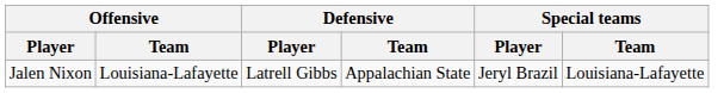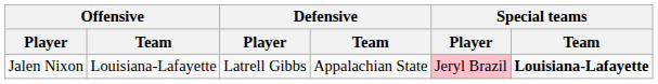 <table class="wikitable">
 <tr>
 <th colspan="2">Offensive</th>
 <th colspan="2">Defensive</th>
 <th colspan="2">Special teams</th>
 </tr>
 <tr>
 <th>Player</th>
 <th>Team</th>
 <th>Player</th>
 <th>Team</th>
 <th>Player</th>
 <th>Team</th>
 </tr>
 <tr>
 <td>Jalen Nixon</td>
 <td>Louisiana-Lafayette</td>
 <td>Latrell Gibbs</td>
 <td>Appalachian State</td>
-<td>Jeryl Brazil</td>
-<td>Louisiana-Lafayette</td>
+<td style="background: pink;">Jeryl Brazil</td>
+<td><strong>Louisiana-Lafayette</strong></td>
 </tr>
 </table>
